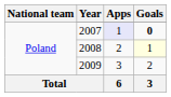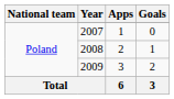 <table class="wikitable" style="text-align:center">
 <tr>
 <th>National team</th>
 <th>Year</th>
 <th>Apps</th>
 <th>Goals</th>
 </tr>
 <tr>
 <td rowspan=4><a href='#'>Poland</a></td>
 </tr>
 <tr>
 <td>2007</td>
-<td style="background: lavender;">1</td>
-<td><strong>0</strong></td>
+<td>1</td>
+<td>0</td>
 </tr>
 <tr>
 <td>2008</td>
 <td>2</td>
-<td style="background: lightyellow;">1</td>
+<td>1</td>
 </tr>
 <tr>
 <td>2009</td>
 <td>3</td>
 <td>2</td>
 </tr>
 <tr>
 <th colspan="2">Total</th>
 <th>6</th>
 <th>3</th>
 </tr>
 </table>
